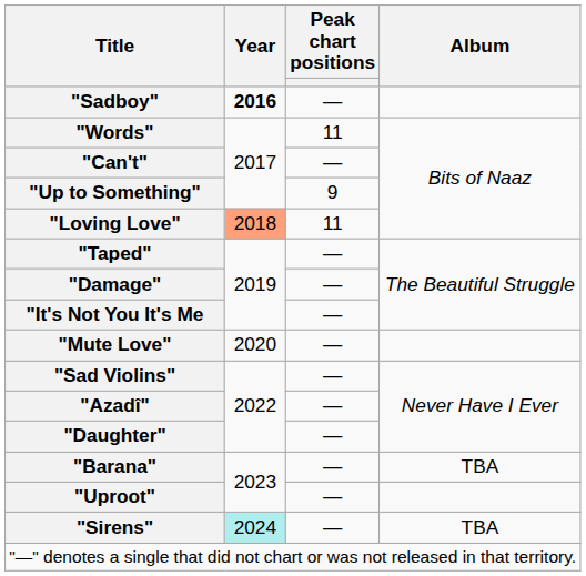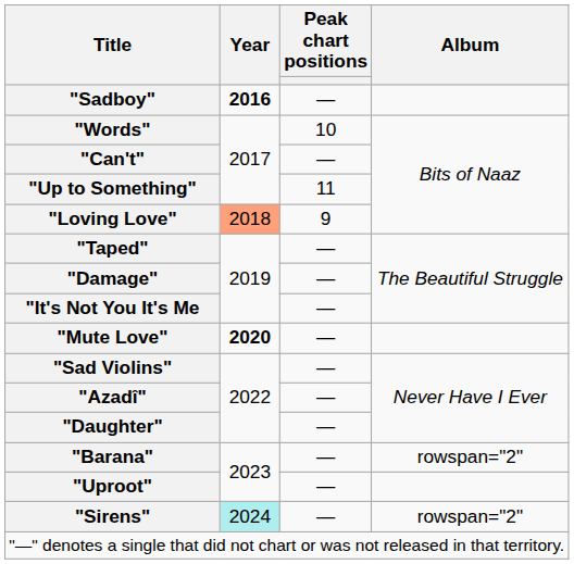 <table class="wikitable plainrowheaders" style="text-align:center;">
 <tr>
 <th scope="col" rowspan="2">Title</th>
 <th scope="col" rowspan="2">Year</th>
 <th scope="col" colspan="1">Peak chart positions</th>
 <th rowspan="2" style="width:10em;">Album</th>
 </tr>
 <tr>
 <th scope="col" style="width:2.5em;font-size:90%;"><a href='#'></a></th>
 </tr>
 <tr>
 <th scope="row">"Sadboy"</th>
 <td><strong>2016</strong></td>
 <td>—</td>
 <td></td>
 </tr>
 <tr>
 <th scope="row">"Words"</th>
 <td rowspan="3">2017</td>
-<td>11</td>
+<td>10</td>
 <td rowspan="4"><em>Bits of Naaz</em></td>
 </tr>
 <tr>
 <th scope="row">"Can't"</th>
 <td>—</td>
 </tr>
 <tr>
 <th scope="row">"Up to Something"</th>
-<td>9</td>
+<td>11</td>
 </tr>
 <tr>
 <th scope="row">"Loving Love"</th>
 <td style="background: lightsalmon;">2018</td>
-<td>11</td>
+<td>9</td>
 </tr>
 <tr>
 <th scope="row">"Taped"</th>
 <td rowspan="3">2019</td>
 <td>—</td>
 <td rowspan="3"><em>The Beautiful Struggle</em></td>
 </tr>
 <tr>
 <th scope="row">"Damage"</th>
 <td>—</td>
 </tr>
 <tr>
 <th scope="row">"It's Not You It's Me</th>
 <td>—</td>
 </tr>
 <tr>
 <th scope="row">"Mute Love"</th>
-<td>2020</td>
+<td><strong>2020</strong></td>
 <td>—</td>
 <td></td>
 </tr>
 <tr>
 <th scope="row">"Sad Violins"</th>
 <td rowspan="3">2022</td>
 <td>—</td>
 <td rowspan="3"><em>Never Have I Ever</em></td>
 </tr>
 <tr>
 <th scope="row">"Azadî"</th>
 <td>—</td>
 </tr>
 <tr>
 <th scope="row">"Daughter"</th>
 <td>—</td>
 </tr>
 <tr>
 <th scope="row">"Barana"</th>
 <td rowspan="2">2023</td>
 <td>—</td>
-<td>TBA</td>
+<td>rowspan="2" </td>
 </tr>
 <tr>
 <th scope="row">"Uproot"</th>
 <td>—</td>
 </tr>
 <tr>
 <th scope="row">"Sirens"</th>
 <td style="background: paleturquoise;">2024</td>
 <td>—</td>
-<td>TBA</td>
+<td>rowspan="2" </td>
 </tr>
 <tr>
 <td colspan="15" style="font-size:90%;">"—" denotes a single that did not chart or was not released in that territory.</td>
 </tr>
 </table>
